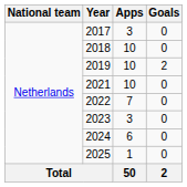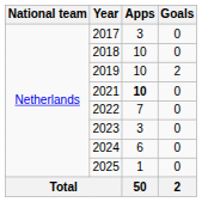 <table class="wikitable" style="text-align: center;">
 <tr>
 <th>National team</th>
 <th>Year</th>
 <th>Apps</th>
 <th>Goals</th>
 </tr>
 <tr>
 <td rowspan="8"><a href='#'>Netherlands</a></td>
 <td>2017</td>
 <td>3</td>
 <td>0</td>
 </tr>
 <tr>
 <td>2018</td>
 <td>10</td>
 <td>0</td>
 </tr>
 <tr>
 <td>2019</td>
 <td>10</td>
 <td>2</td>
 </tr>
 <tr>
 <td>2021</td>
-<td>10</td>
+<td><strong>10</strong></td>
 <td>0</td>
 </tr>
 <tr>
 <td>2022</td>
 <td>7</td>
 <td>0</td>
 </tr>
 <tr>
 <td>2023</td>
 <td>3</td>
 <td>0</td>
 </tr>
 <tr>
 <td>2024</td>
 <td>6</td>
 <td>0</td>
 </tr>
 <tr>
 <td>2025</td>
 <td>1</td>
 <td>0</td>
 </tr>
 <tr>
 <th colspan="2">Total</th>
 <th>50</th>
 <th>2</th>
 </tr>
 </table>
